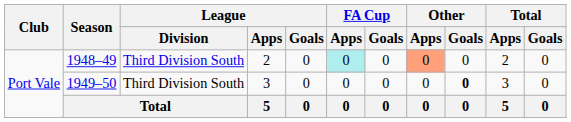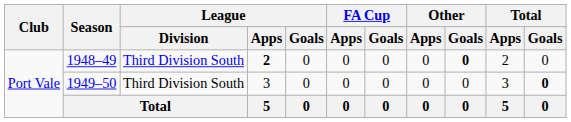 <table class="wikitable" style="text-align:center">
 <tr>
 <th rowspan="2">Club</th>
 <th rowspan="2">Season</th>
 <th colspan="3">League</th>
 <th colspan="2"><a href='#'>FA Cup</a></th>
 <th colspan="2">Other</th>
 <th colspan="2">Total</th>
 </tr>
 <tr>
 <th>Division</th>
 <th>Apps</th>
 <th>Goals</th>
 <th>Apps</th>
 <th>Goals</th>
 <th>Apps</th>
 <th>Goals</th>
 <th>Apps</th>
 <th>Goals</th>
 </tr>
 <tr>
 <td rowspan="3"><a href='#'>Port Vale</a></td>
 <td><a href='#'>1948–49</a></td>
 <td><a href='#'>Third Division South</a></td>
-<td>2</td>
+<td><strong>2</strong></td>
 <td>0</td>
-<td style="background: paleturquoise;">0</td>
 <td>0</td>
-<td style="background: lightsalmon;">0</td>
 <td>0</td>
+<td>0</td>
+<td><strong>0</strong></td>
 <td>2</td>
 <td>0</td>
 </tr>
 <tr>
 <td><a href='#'>1949–50</a></td>
 <td>Third Division South</td>
 <td>3</td>
 <td>0</td>
 <td>0</td>
 <td>0</td>
 <td>0</td>
+<td>0</td>
+<td>3</td>
 <td><strong>0</strong></td>
-<td>3</td>
-<td>0</td>
 </tr>
 <tr>
 <th colspan="2">Total</th>
 <th>5</th>
 <th>0</th>
 <th>0</th>
 <th>0</th>
 <th>0</th>
 <th>0</th>
 <th>5</th>
 <th>0</th>
 </tr>
 </table>
